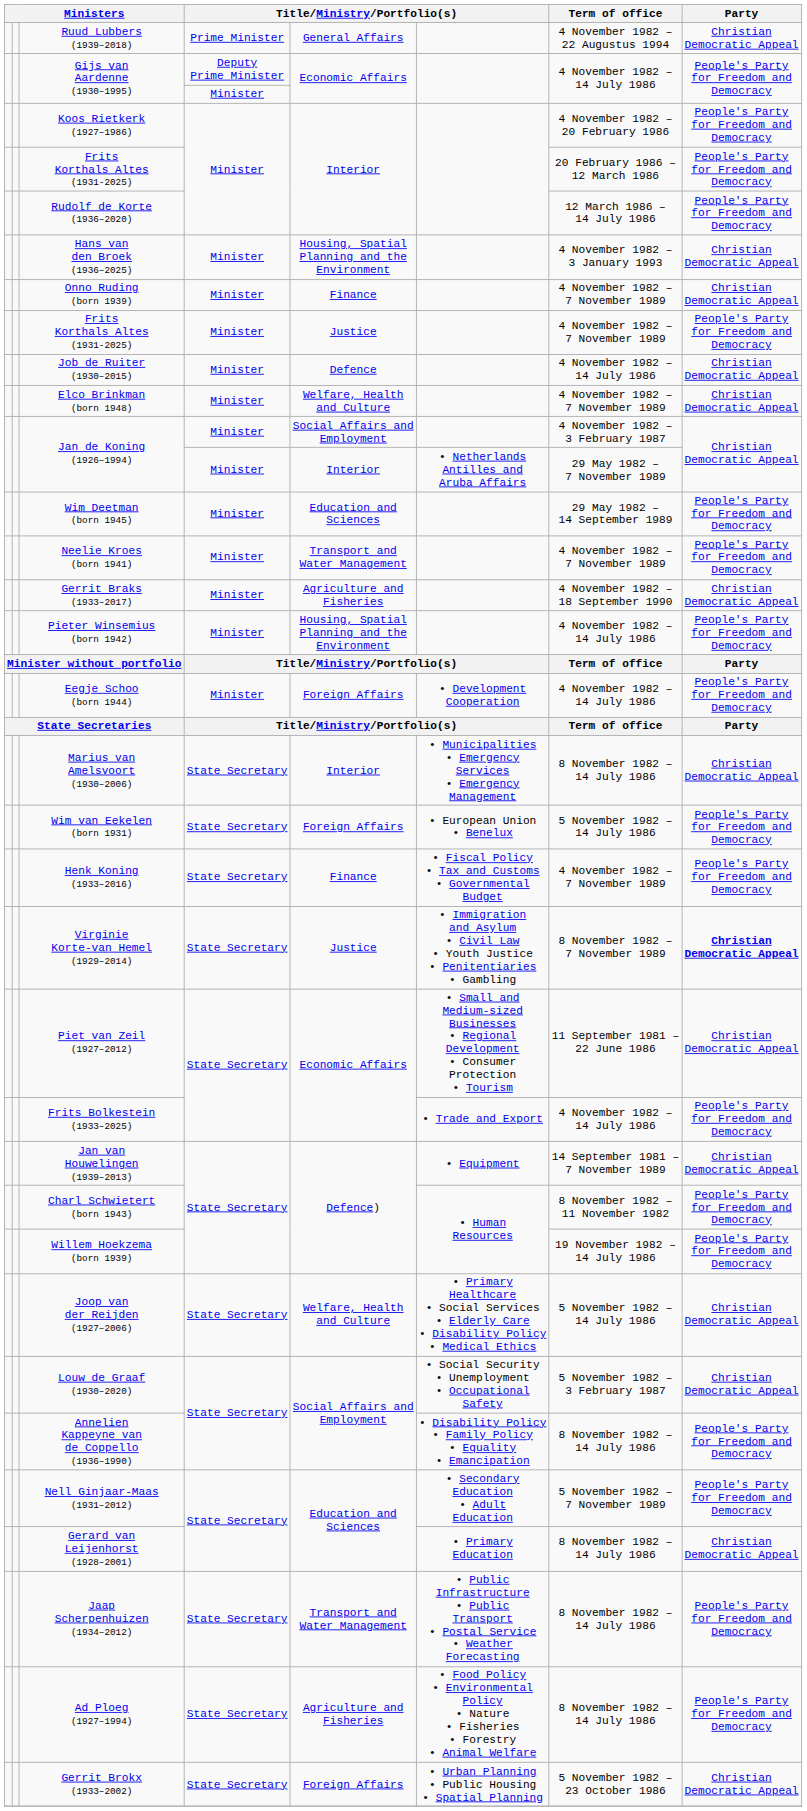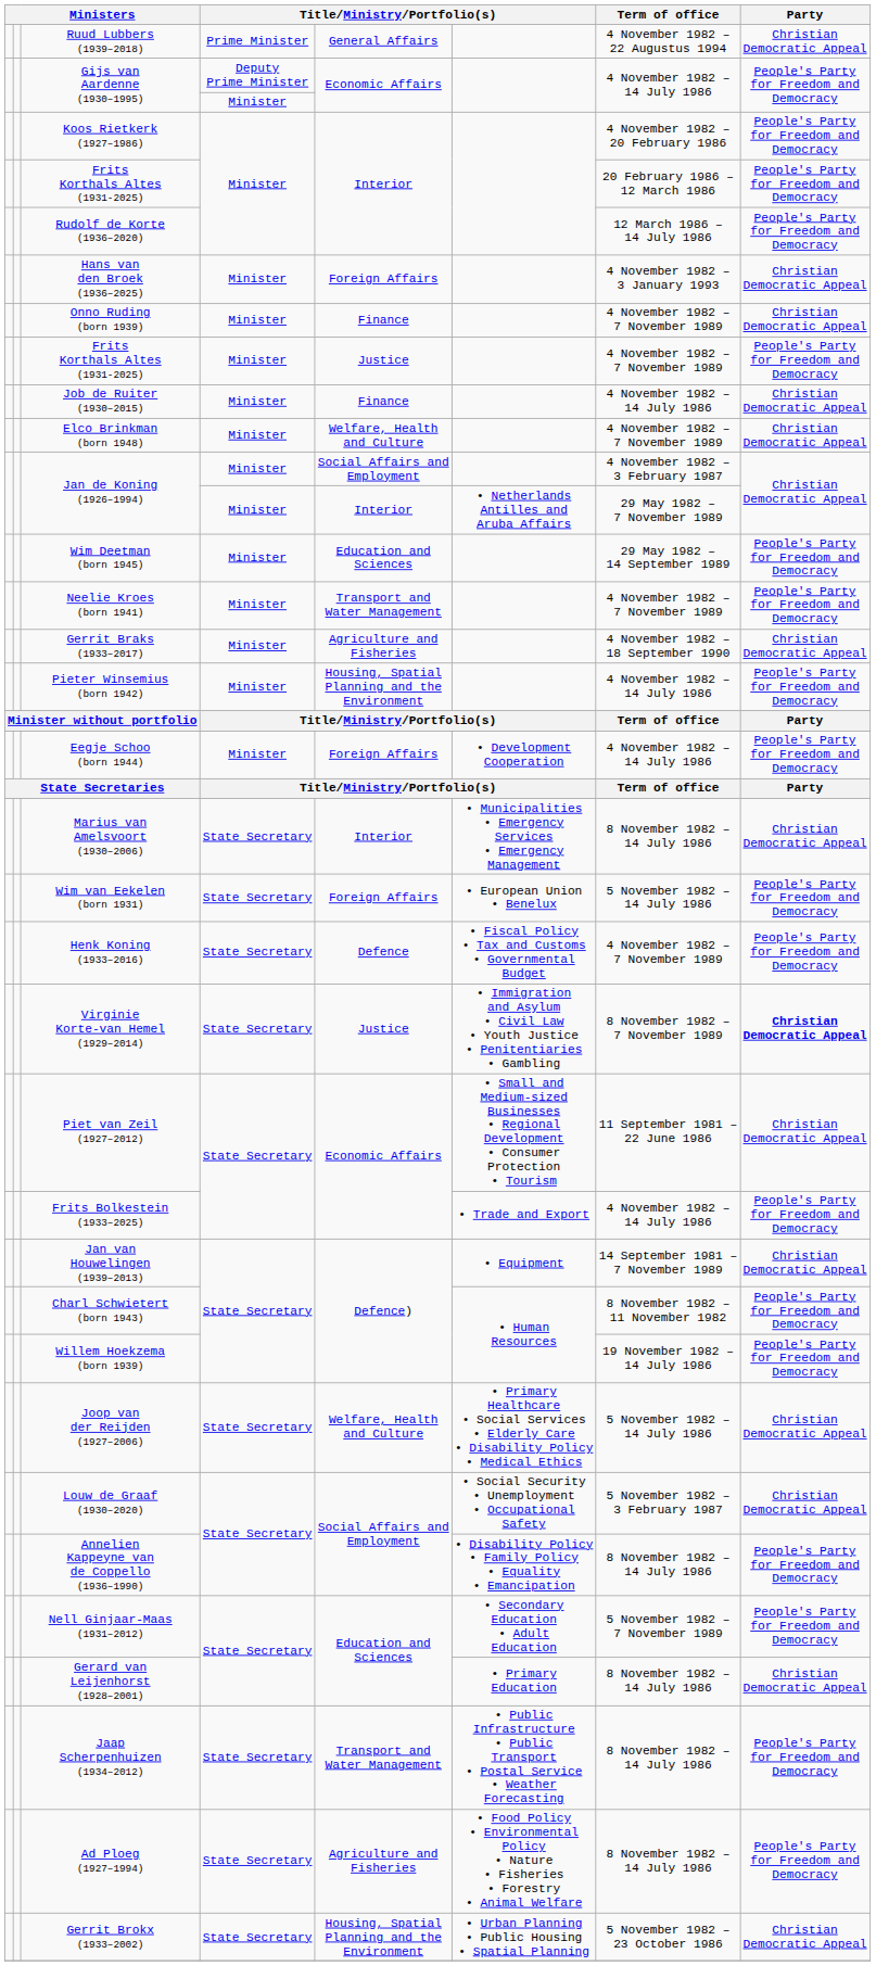 <table class="wikitable" style="text-align:center">
 <tr>
 <th colspan=3><a href='#'>Ministers</a></th>
 <th colspan=3>Title/<a href='#'>Ministry</a>/Portfolio(s)</th>
 <th>Term of office</th>
 <th>Party</th>
 </tr>
 <tr>
 <td style="background:"></td>
 <td></td>
 <td><a href='#'>Ruud Lubbers</a> <br> <small>(1939–2018)</small></td>
 <td><a href='#'>Prime Minister</a></td>
 <td><a href='#'>General Affairs</a></td>
 <td></td>
 <td>4 November 1982 – <br> 22 Augustus 1994 <br> </td>
 <td><a href='#'>Christian <br> Democratic Appeal</a></td>
 </tr>
 <tr>
 <td rowspan=2 style="background:"></td>
 <td rowspan=2></td>
 <td rowspan=2><a href='#'>Gijs van <br> Aardenne</a> <br> <small>(1930–1995)</small></td>
 <td><a href='#'>Deputy <br> Prime Minister</a></td>
 <td rowspan=2><a href='#'>Economic Affairs</a></td>
 <td rowspan=2></td>
 <td rowspan=2>4 November 1982 – <br> 14 July 1986</td>
 <td rowspan=2><a href='#'>People's Party <br> for Freedom and <br> Democracy</a></td>
 </tr>
 <tr>
 <td><a href='#'>Minister</a></td>
 </tr>
 <tr>
 <td style="background:"></td>
 <td></td>
 <td><a href='#'>Koos Rietkerk</a> <br> <small>(1927–1986)</small></td>
 <td rowspan=3><a href='#'>Minister</a></td>
 <td rowspan=3><a href='#'>Interior</a></td>
 <td rowspan=3></td>
 <td>4 November 1982 – <br> 20 February 1986 <br> </td>
 <td><a href='#'>People's Party <br> for Freedom and <br> Democracy</a></td>
 </tr>
 <tr>
 <td style="background:"></td>
 <td></td>
 <td><a href='#'>Frits <br> Korthals Altes</a> <br> <small>(1931-2025)</small></td>
 <td>20 February 1986 – <br> 12 March 1986 <br> </td>
 <td><a href='#'>People's Party <br> for Freedom and <br> Democracy</a></td>
 </tr>
 <tr>
 <td style="background:"></td>
 <td></td>
 <td><a href='#'>Rudolf de Korte</a> <br> <small>(1936–2020)</small></td>
 <td>12 March 1986 – <br> 14 July 1986</td>
 <td><a href='#'>People's Party <br> for Freedom and <br> Democracy</a></td>
 </tr>
 <tr>
 <td style="background:"></td>
 <td></td>
 <td><a href='#'>Hans van <br> den Broek</a> <br> <small>(1936–2025)</small></td>
 <td><a href='#'>Minister</a></td>
-<td><a href='#'>Housing, Spatial <br> Planning and the <br> Environment</a></td>
+<td><a href='#'>Foreign Affairs</a></td>
 <td></td>
 <td>4 November 1982 – <br> 3 January 1993 <br> </td>
 <td><a href='#'>Christian <br> Democratic Appeal</a></td>
 </tr>
 <tr>
 <td style="background:"></td>
 <td></td>
 <td><a href='#'>Onno Ruding</a> <br> <small>(born 1939)</small></td>
 <td><a href='#'>Minister</a></td>
 <td><a href='#'>Finance</a></td>
 <td></td>
 <td>4 November 1982 – <br> 7 November 1989 <br> </td>
 <td><a href='#'>Christian <br> Democratic Appeal</a></td>
 </tr>
 <tr>
 <td style="background:"></td>
 <td></td>
 <td><a href='#'>Frits <br> Korthals Altes</a> <br> <small>(1931-2025)</small></td>
 <td><a href='#'>Minister</a></td>
 <td><a href='#'>Justice</a></td>
 <td></td>
 <td>4 November 1982 – <br> 7 November 1989 <br> </td>
 <td><a href='#'>People's Party <br> for Freedom and <br> Democracy</a></td>
 </tr>
 <tr>
 <td style="background:"></td>
 <td></td>
 <td><a href='#'>Job de Ruiter</a> <br> <small>(1930–2015)</small></td>
 <td><a href='#'>Minister</a></td>
-<td><a href='#'>Defence</a></td>
+<td><a href='#'>Finance</a></td>
 <td></td>
 <td>4 November 1982 – <br> 14 July 1986</td>
 <td><a href='#'>Christian <br> Democratic Appeal</a></td>
 </tr>
 <tr>
 <td style="background:"></td>
 <td></td>
 <td><a href='#'>Elco Brinkman</a> <br> <small>(born 1948)</small></td>
 <td><a href='#'>Minister</a></td>
 <td><a href='#'>Welfare, Health <br> and Culture</a></td>
 <td></td>
 <td>4 November 1982 – <br> 7 November 1989 <br> </td>
 <td><a href='#'>Christian <br> Democratic Appeal</a></td>
 </tr>
 <tr>
 <td rowspan=2 style="background:"></td>
 <td rowspan=2></td>
 <td rowspan=2><a href='#'>Jan de Koning</a> <br> <small>(1926–1994)</small></td>
 <td><a href='#'>Minister</a></td>
 <td><a href='#'>Social Affairs and <br> Employment</a></td>
 <td></td>
 <td>4 November 1982 – <br> 3 February 1987 <br> </td>
 <td rowspan=2><a href='#'>Christian <br> Democratic Appeal</a></td>
 </tr>
 <tr>
 <td><a href='#'>Minister</a></td>
 <td><a href='#'>Interior</a></td>
 <td>• <a href='#'>Netherlands <br> Antilles and <br> Aruba Affairs</a></td>
 <td>29 May 1982 – <br> 7 November 1989 <br>  </td>
 </tr>
 <tr>
 <td style="background:"></td>
 <td></td>
 <td><a href='#'>Wim Deetman</a> <br> <small>(born 1945)</small></td>
 <td><a href='#'>Minister</a></td>
 <td><a href='#'>Education and <br> Sciences</a></td>
 <td></td>
 <td>29 May 1982 – <br> 14 September 1989 <br>  </td>
 <td><a href='#'>People's Party <br> for Freedom and <br> Democracy</a></td>
 </tr>
 <tr>
 <td style="background:"></td>
 <td></td>
 <td><a href='#'>Neelie Kroes</a> <br> <small>(born 1941)</small></td>
 <td><a href='#'>Minister</a></td>
 <td><a href='#'>Transport and <br> Water Management</a></td>
 <td></td>
 <td>4 November 1982 – <br> 7 November 1989 <br> </td>
 <td><a href='#'>People's Party <br> for Freedom and <br> Democracy</a></td>
 </tr>
 <tr>
 <td style="background:"></td>
 <td></td>
 <td><a href='#'>Gerrit Braks</a> <br> <small>(1933–2017)</small></td>
 <td><a href='#'>Minister</a></td>
 <td><a href='#'>Agriculture and <br> Fisheries</a></td>
 <td></td>
 <td>4 November 1982 – <br> 18 September 1990 <br> </td>
 <td><a href='#'>Christian <br> Democratic Appeal</a></td>
 </tr>
 <tr>
 <td style="background:"></td>
 <td></td>
 <td><a href='#'>Pieter Winsemius</a> <br> <small>(born 1942)</small></td>
 <td><a href='#'>Minister</a></td>
 <td><a href='#'>Housing, Spatial <br> Planning and the <br> Environment</a></td>
 <td></td>
 <td>4 November 1982 – <br> 14 July 1986</td>
 <td><a href='#'>People's Party <br> for Freedom and <br> Democracy</a></td>
 </tr>
 <tr>
 <th colspan=3><a href='#'>Minister without portfolio</a></th>
 <th colspan=3>Title/<a href='#'>Ministry</a>/Portfolio(s)</th>
 <th>Term of office</th>
 <th>Party</th>
 </tr>
 <tr>
 <td style="background:"></td>
 <td></td>
 <td><a href='#'>Eegje Schoo</a> <br> <small>(born 1944)</small></td>
 <td><a href='#'>Minister</a></td>
 <td><a href='#'>Foreign Affairs</a></td>
 <td>• <a href='#'>Development <br> Cooperation</a></td>
 <td>4 November 1982 – <br> 14 July 1986</td>
 <td><a href='#'>People's Party <br> for Freedom and <br> Democracy</a></td>
 </tr>
 <tr>
 <th colspan=3><a href='#'>State Secretaries</a></th>
 <th colspan=3>Title/<a href='#'>Ministry</a>/Portfolio(s)</th>
 <th>Term of office</th>
 <th>Party</th>
 </tr>
 <tr>
 <td style="background:"></td>
 <td></td>
 <td><a href='#'>Marius van <br> Amelsvoort</a> <br> <small>(1930–2006)</small></td>
 <td><a href='#'>State Secretary</a></td>
 <td><a href='#'>Interior</a></td>
 <td>• <a href='#'>Municipalities</a> <br> • <a href='#'>Emergency <br> Services</a> <br> • <a href='#'>Emergency <br> Management</a></td>
 <td>8 November 1982 – <br> 14 July 1986</td>
 <td><a href='#'>Christian <br> Democratic Appeal</a></td>
 </tr>
 <tr>
 <td style="background:"></td>
 <td></td>
 <td><a href='#'>Wim van Eekelen</a> <br> <small>(born 1931)</small></td>
 <td><a href='#'>State Secretary</a> <br> </td>
 <td><a href='#'>Foreign Affairs</a></td>
 <td>• European Union <br> • <a href='#'>Benelux</a></td>
 <td>5 November 1982 – <br> 14 July 1986</td>
 <td><a href='#'>People's Party <br> for Freedom and <br> Democracy</a></td>
 </tr>
 <tr>
 <td style="background:"></td>
 <td></td>
 <td><a href='#'>Henk Koning</a> <br> <small>(1933–2016)</small></td>
 <td><a href='#'>State Secretary</a></td>
-<td><a href='#'>Finance</a></td>
+<td><a href='#'>Defence</a></td>
 <td>• <a href='#'>Fiscal Policy</a> <br> • <a href='#'>Tax and Customs</a> <br> • <a href='#'>Governmental <br> Budget</a></td>
 <td>4 November 1982 – <br> 7 November 1989 <br> </td>
 <td><a href='#'>People's Party <br> for Freedom and <br> Democracy</a></td>
 </tr>
 <tr>
 <td style="background:"></td>
 <td></td>
 <td><a href='#'>Virginie <br> Korte-van Hemel</a> <br> <small>(1929–2014)</small></td>
 <td><a href='#'>State Secretary</a></td>
 <td><a href='#'>Justice</a></td>
 <td>• <a href='#'>Immigration <br> and Asylum</a> <br> • <a href='#'>Civil Law</a> <br> • Youth Justice <br> • <a href='#'>Penitentiaries</a> <br> • Gambling</td>
 <td>8 November 1982 – <br> 7 November 1989 <br> </td>
 <td><strong><a href='#'>Christian <br> Democratic Appeal</a></strong></td>
 </tr>
 <tr>
 <td style="background:"></td>
 <td></td>
 <td><a href='#'>Piet van Zeil</a> <br> <small>(1927–2012)</small></td>
 <td rowspan=2><a href='#'>State Secretary</a></td>
 <td rowspan=2><a href='#'>Economic Affairs</a></td>
 <td>• <a href='#'>Small and <br> Medium-sized <br> Businesses</a> <br> • <a href='#'>Regional <br> Development</a> <br> • Consumer <br> Protection <br> • <a href='#'>Tourism</a></td>
 <td>11 September 1981 – <br> 22 June 1986 <br>  </td>
 <td><a href='#'>Christian <br> Democratic Appeal</a></td>
 </tr>
 <tr>
 <td style="background:"></td>
 <td></td>
 <td><a href='#'>Frits Bolkestein</a> <br> <small>(1933–2025)</small></td>
 <td>• <a href='#'>Trade and Export</a> <br> </td>
 <td>4 November 1982 – <br> 14 July 1986</td>
 <td><a href='#'>People's Party <br> for Freedom and <br> Democracy</a></td>
 </tr>
 <tr>
 <td style="background:"></td>
 <td></td>
 <td><a href='#'>Jan van <br> Houwelingen</a> <br> <small>(1939–2013)</small></td>
 <td rowspan=3><a href='#'>State Secretary</a></td>
 <td rowspan=3><a href='#'>Defence</a>)</td>
 <td>• <a href='#'>Equipment</a></td>
 <td>14 September 1981 – <br> 7 November 1989 <br>  </td>
 <td><a href='#'>Christian <br> Democratic Appeal</a></td>
 </tr>
 <tr>
 <td style="background:"></td>
 <td></td>
 <td><a href='#'>Charl Schwietert</a> <br> <small>(born 1943)</small></td>
 <td rowspan=2>• <a href='#'>Human <br> Resources</a></td>
 <td>8 November 1982 – <br> 11 November 1982 <br> </td>
 <td><a href='#'>People's Party <br> for Freedom and <br> Democracy</a></td>
 </tr>
 <tr>
 <td style="background:"></td>
 <td></td>
 <td><a href='#'>Willem Hoekzema</a> <br> <small>(born 1939)</small></td>
 <td>19 November 1982 – <br> 14 July 1986</td>
 <td><a href='#'>People's Party <br> for Freedom and <br> Democracy</a></td>
 </tr>
 <tr>
 <td style="background:"></td>
 <td></td>
 <td><a href='#'>Joop van <br> der Reijden</a> <br> <small>(1927–2006)</small></td>
 <td><a href='#'>State Secretary</a></td>
 <td><a href='#'>Welfare, Health <br> and Culture</a></td>
 <td>• <a href='#'>Primary <br> Healthcare</a> <br> • Social Services <br> • <a href='#'>Elderly Care</a> <br> • <a href='#'>Disability Policy</a> <br> • <a href='#'>Medical Ethics</a></td>
 <td>5 November 1982 – <br> 14 July 1986</td>
 <td><a href='#'>Christian <br> Democratic Appeal</a></td>
 </tr>
 <tr>
 <td style="background:"></td>
 <td></td>
 <td><a href='#'>Louw de Graaf</a> <br> <small>(1930–2020)</small></td>
 <td rowspan=2><a href='#'>State Secretary</a></td>
 <td rowspan=2><a href='#'>Social Affairs and <br> Employment</a></td>
 <td>• Social Security <br> • Unemployment <br> • <a href='#'>Occupational <br> Safety</a></td>
 <td>5 November 1982 – <br> 3 February 1987 <br> </td>
 <td><a href='#'>Christian <br> Democratic Appeal</a></td>
 </tr>
 <tr>
 <td style="background:"></td>
 <td></td>
 <td><a href='#'>Annelien <br> Kappeyne van <br> de Coppello</a> <br> <small>(1936–1990)</small></td>
 <td>• <a href='#'>Disability Policy</a> <br> • <a href='#'>Family Policy</a> <br> • <a href='#'>Equality</a> <br> • <a href='#'>Emancipation</a></td>
 <td>8 November 1982 – <br> 14 July 1986</td>
 <td><a href='#'>People's Party <br> for Freedom and <br> Democracy</a></td>
 </tr>
 <tr>
 <td style="background:"></td>
 <td></td>
 <td><a href='#'>Nell Ginjaar-Maas</a> <br> <small>(1931–2012)</small></td>
 <td rowspan=2><a href='#'>State Secretary</a></td>
 <td rowspan=2><a href='#'>Education and <br> Sciences</a></td>
 <td>• <a href='#'>Secondary <br> Education</a> <br> • <a href='#'>Adult <br> Education</a></td>
 <td>5 November 1982 – <br> 7 November 1989 <br> </td>
 <td><a href='#'>People's Party <br> for Freedom and <br> Democracy</a></td>
 </tr>
 <tr>
 <td style="background:"></td>
 <td></td>
 <td><a href='#'>Gerard van <br> Leijenhorst</a> <br> <small>(1928–2001)</small></td>
 <td>• <a href='#'>Primary <br> Education</a></td>
 <td>8 November 1982 – <br> 14 July 1986</td>
 <td><a href='#'>Christian <br> Democratic Appeal</a></td>
 </tr>
 <tr>
 <td style="background:"></td>
 <td></td>
 <td><a href='#'>Jaap <br> Scherpenhuizen</a> <br> <small>(1934–2012)</small></td>
 <td><a href='#'>State Secretary</a></td>
 <td><a href='#'>Transport and <br> Water Management</a></td>
 <td>• <a href='#'>Public <br> Infrastructure</a> <br> • <a href='#'>Public <br> Transport</a> <br> • <a href='#'>Postal Service</a> <br> • <a href='#'>Weather <br> Forecasting</a></td>
 <td>8 November 1982 – <br> 14 July 1986</td>
 <td><a href='#'>People's Party <br> for Freedom and <br> Democracy</a></td>
 </tr>
 <tr>
 <td style="background:"></td>
 <td></td>
 <td><a href='#'>Ad Ploeg</a> <br> <small>(1927–1994)</small></td>
 <td><a href='#'>State Secretary</a></td>
 <td><a href='#'>Agriculture and <br> Fisheries</a></td>
 <td>• <a href='#'>Food Policy</a> <br> • <a href='#'>Environmental <br> Policy</a> <br> • Nature <br> • Fisheries <br> • Forestry <br> • <a href='#'>Animal Welfare</a></td>
 <td>8 November 1982 – <br> 14 July 1986</td>
 <td><a href='#'>People's Party <br> for Freedom and <br> Democracy</a></td>
 </tr>
 <tr>
 <td style="background:"></td>
 <td></td>
 <td><a href='#'>Gerrit Brokx</a> <br> <small>(1933–2002)</small></td>
 <td><a href='#'>State Secretary</a></td>
-<td><a href='#'>Foreign Affairs</a></td>
+<td><a href='#'>Housing, Spatial <br> Planning and the <br> Environment</a></td>
 <td>• <a href='#'>Urban Planning</a> <br> • Public Housing <br> • <a href='#'>Spatial Planning</a></td>
 <td>5 November 1982 – <br> 23 October 1986 <br> </td>
 <td><a href='#'>Christian <br> Democratic Appeal</a></td>
 </tr>
 <tr>
 </tr>
 </table>
